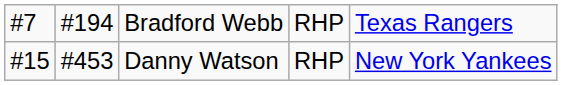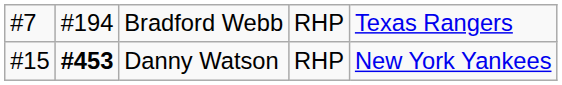 <table class="wikitable">
 <tr>
 <td>#7</td>
 <td>#194</td>
 <td>Bradford Webb</td>
 <td>RHP</td>
 <td><a href='#'>Texas Rangers</a></td>
 </tr>
 <tr>
 <td>#15</td>
-<td>#453</td>
+<td><strong>#453</strong></td>
 <td>Danny Watson</td>
 <td>RHP</td>
 <td><a href='#'>New York Yankees</a></td>
 </tr>
 </table>
